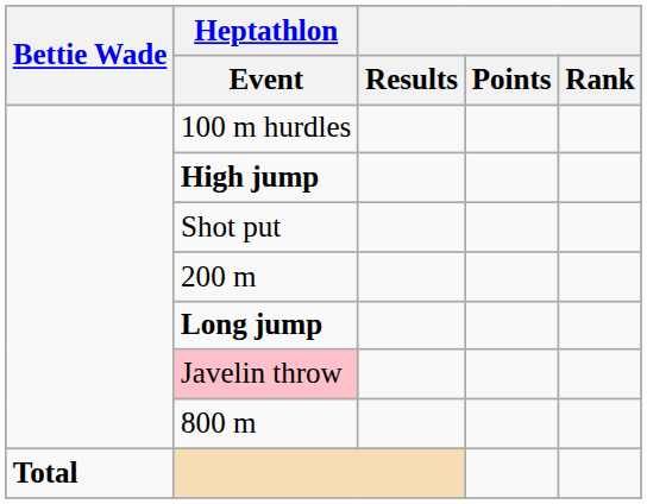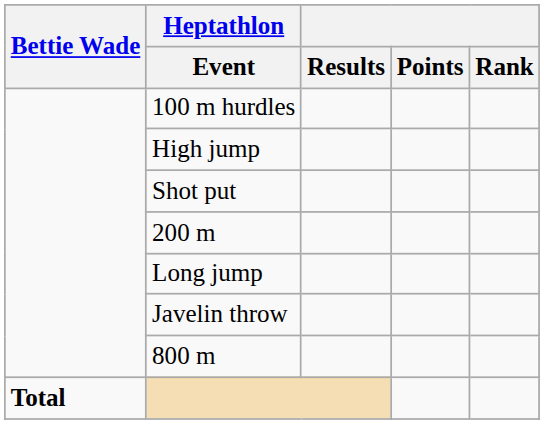 <table class=wikitable style="font-size:90%;">
 <tr>
 <th rowspan="2"><a href='#'>Bettie Wade</a></th>
 <th><a href='#'>Heptathlon</a></th>
 <th colspan="3"></th>
 </tr>
 <tr>
 <th>Event</th>
 <th>Results</th>
 <th>Points</th>
 <th>Rank</th>
 </tr>
 <tr style="border-top: single;">
 <td rowspan="7"></td>
 <td>100 m hurdles</td>
 <td align=center></td>
 <td align=center></td>
 <td align=center></td>
 </tr>
 <tr>
-<td><strong>High jump</strong></td>
+<td>High jump</td>
 <td align=center></td>
 <td align=center></td>
 <td align=center></td>
 </tr>
 <tr>
 <td>Shot put</td>
 <td align=center></td>
 <td align=center></td>
 <td align=center></td>
 </tr>
 <tr>
 <td>200 m</td>
 <td align=center></td>
 <td align=center></td>
 <td align=center></td>
 </tr>
 <tr>
-<td><strong>Long jump</strong></td>
+<td>Long jump</td>
 <td align=center></td>
 <td align=center></td>
 <td align=center></td>
 </tr>
 <tr>
-<td style="background: pink;">Javelin throw</td>
+<td>Javelin throw</td>
 <td align=center></td>
 <td align=center></td>
 <td align=center></td>
 </tr>
 <tr>
 <td>800 m</td>
 <td align=center></td>
 <td align=center></td>
 <td align=center></td>
 </tr>
 <tr style="border-top: single;">
 <td><strong>Total</strong></td>
 <td colspan="2" style="background:wheat;"></td>
 <td align=center></td>
 <td align=center></td>
 </tr>
 </table>
